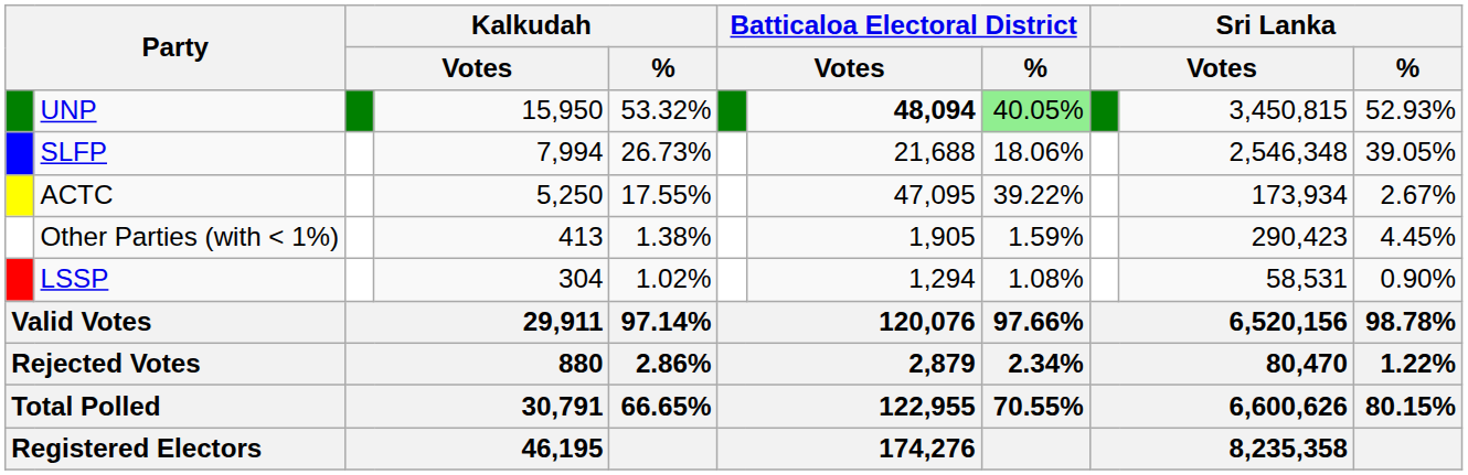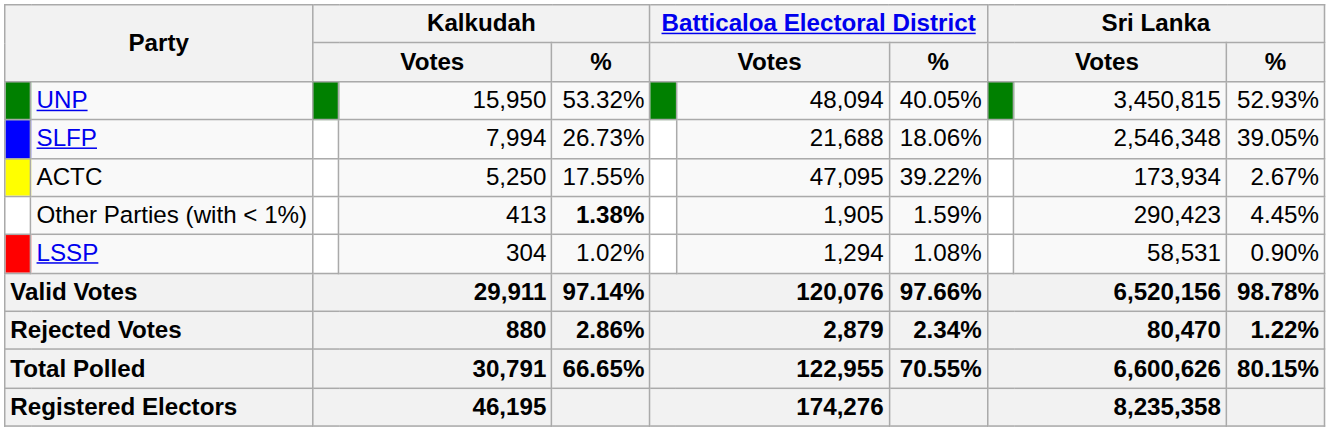 <table class="wikitable">
 <tr>
 <th colspan="2" width="144px"rowspan="2">Party</th>
 <th colspan="3" width="216px">Kalkudah</th>
 <th colspan="3" width="216px"><a href='#'>Batticaloa Electoral District</a></th>
 <th colspan="3" width="216px">Sri Lanka</th>
 </tr>
 <tr>
 <th colspan="2" width="144px">Votes</th>
 <th>%</th>
 <th colspan="2" width="144px">Votes</th>
 <th>%</th>
 <th colspan="2" width="144px">Votes</th>
 <th>%</th>
 </tr>
 <tr>
 <td style="background-color:green;" width="10px"></td>
 <td style="text-align:left;"><a href='#'>UNP</a></td>
 <td style="background-color:green;" width="10px"></td>
 <td style="text-align:right;">15,950</td>
 <td style="text-align:right;">53.32%</td>
 <td style="background-color:green;" width="10px"></td>
-<td style="text-align:right;"><strong>48,094</strong></td>
-<td style="background: lightgreen; text-align:right;">40.05%</td>
+<td style="text-align:right;">48,094</td>
+<td style="text-align:right;">40.05%</td>
 <td style="background-color:green;" width="10px"></td>
 <td style="text-align:right;">3,450,815</td>
 <td style="text-align:right;">52.93%</td>
 </tr>
 <tr>
 <td style="background-color:blue;" width="10px"></td>
 <td style="text-align:left;"><a href='#'>SLFP</a></td>
 <td style="background-color:white;" width="10px"></td>
 <td style="text-align:right;">7,994</td>
 <td style="text-align:right;">26.73%</td>
 <td style="background-color:white;" width="10px"></td>
 <td style="text-align:right;">21,688</td>
 <td style="text-align:right;">18.06%</td>
 <td style="background-color:white;" width="10px"></td>
 <td style="text-align:right;">2,546,348</td>
 <td style="text-align:right;">39.05%</td>
 </tr>
 <tr>
 <td style="background-color:yellow;" width="10px"></td>
 <td style="text-align:left;">ACTC</td>
 <td style="background-color:white;" width="10px"></td>
 <td style="text-align:right;">5,250</td>
 <td style="text-align:right;">17.55%</td>
 <td style="background-color:white;" width="10px"></td>
 <td style="text-align:right;">47,095</td>
 <td style="text-align:right;">39.22%</td>
 <td style="background-color:white;" width="10px"></td>
 <td style="text-align:right;">173,934</td>
 <td style="text-align:right;">2.67%</td>
 </tr>
 <tr>
 <td style="background-color:white;" width="10px"></td>
 <td style="text-align:left;">Other Parties (with < 1%)</td>
 <td style="background-color:white;" width="10px"></td>
 <td style="text-align:right;">413</td>
-<td style="text-align:right;">1.38%</td>
+<td style="text-align:right;"><strong>1.38%</strong></td>
 <td style="background-color:white;" width="10px"></td>
 <td style="text-align:right;">1,905</td>
 <td style="text-align:right;">1.59%</td>
 <td style="background-color:white;" width="10px"></td>
 <td style="text-align:right;">290,423</td>
 <td style="text-align:right;">4.45%</td>
 </tr>
 <tr>
 <td style="background-color:red;" width="10px"></td>
 <td style="text-align:left;"><a href='#'>LSSP</a></td>
 <td style="background-color:white;" width="10px"></td>
 <td style="text-align:right;">304</td>
 <td style="text-align:right;">1.02%</td>
 <td style="background-color:white;" width="10px"></td>
 <td style="text-align:right;">1,294</td>
 <td style="text-align:right;">1.08%</td>
 <td style="background-color:white;" width="10px"></td>
 <td style="text-align:right;">58,531</td>
 <td style="text-align:right;">0.90%</td>
 </tr>
 <tr>
 <th colspan="2" width="144px"style="text-align:left;">Valid Votes</th>
 <th style="text-align:right;"colspan="2" width="144px">29,911</th>
 <th style="text-align:right;">97.14%</th>
 <th style="text-align:right;"colspan="2" width="144px">120,076</th>
 <th style="text-align:right;">97.66%</th>
 <th style="text-align:right;"colspan="2" width="144px">6,520,156</th>
 <th style="text-align:right;">98.78%</th>
 </tr>
 <tr>
 <th colspan="2" width="144px"style="text-align:left;">Rejected Votes</th>
 <th style="text-align:right;"colspan="2" width="144px">880</th>
 <th style="text-align:right;">2.86%</th>
 <th style="text-align:right;"colspan="2" width="144px">2,879</th>
 <th style="text-align:right;">2.34%</th>
 <th style="text-align:right;"colspan="2" width="144px">80,470</th>
 <th style="text-align:right;">1.22%</th>
 </tr>
 <tr>
 <th colspan="2" width="144px"style="text-align:left;">Total Polled</th>
 <th style="text-align:right;"colspan="2" width="144px">30,791</th>
 <th style="text-align:right;">66.65%</th>
 <th style="text-align:right;"colspan="2" width="144px">122,955</th>
 <th style="text-align:right;">70.55%</th>
 <th style="text-align:right;"colspan="2" width="144px">6,600,626</th>
 <th style="text-align:right;">80.15%</th>
 </tr>
 <tr>
 <th colspan="2" width="144px"style="text-align:left;">Registered Electors</th>
 <th style="text-align:right;"colspan="2" width="144px">46,195</th>
 <th></th>
 <th style="text-align:right;"colspan="2" width="144px">174,276</th>
 <th></th>
 <th style="text-align:right;"colspan="2" width="144px">8,235,358</th>
 <th></th>
 </tr>
 </table>
